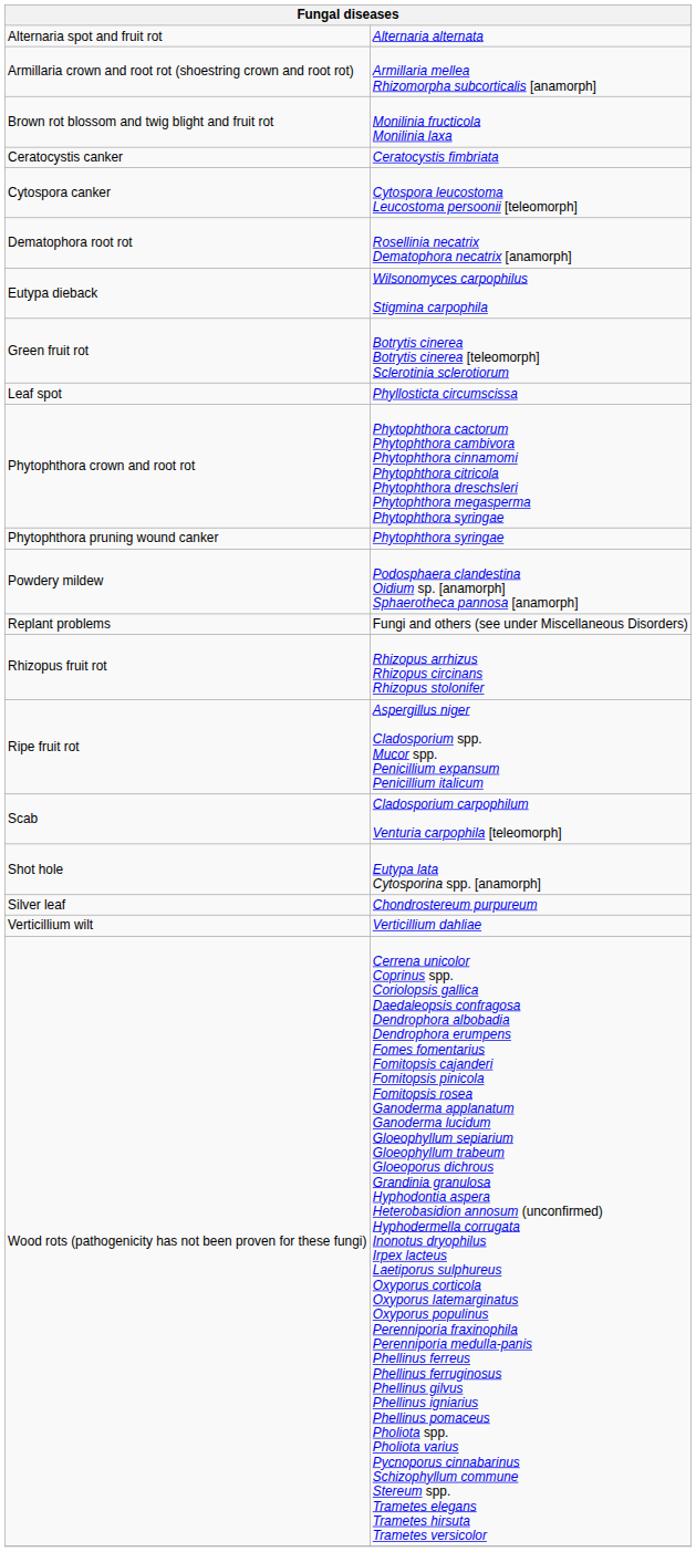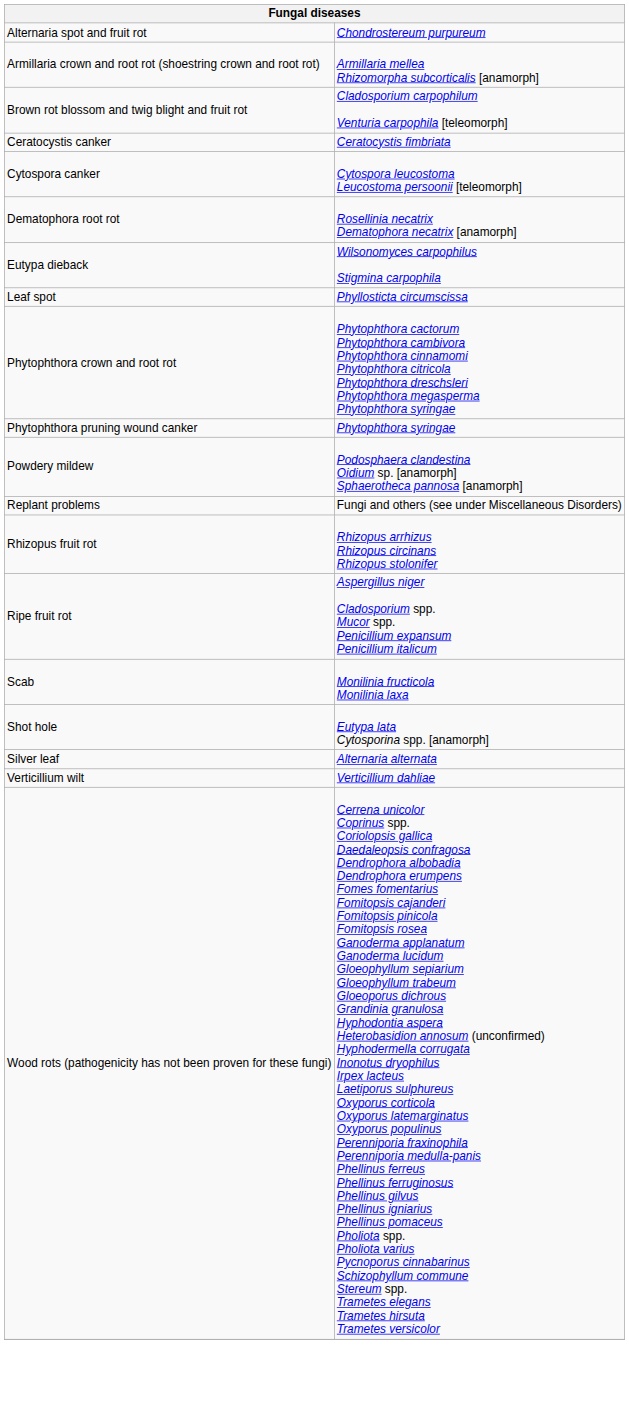 <table class="wikitable" style="clear">
 <tr>
 <th colspan=2><strong>Fungal diseases</strong><br></th>
 </tr>
 <tr>
 <td>Alternaria spot and fruit rot</td>
-<td><em><a href='#'>Alternaria alternata</a></em></td>
+<td><em><a href='#'>Chondrostereum purpureum</a></em></td>
 </tr>
 <tr>
 <td>Armillaria crown and root rot (shoestring crown and root rot)</td>
 <td><br><em><a href='#'>Armillaria mellea</a></em><br> <em><a href='#'>Rhizomorpha subcorticalis</a></em> [anamorph]</td>
 </tr>
 <tr>
 <td>Brown rot blossom and twig blight and fruit rot</td>
-<td><br><em><a href='#'>Monilinia fructicola</a></em> <br> <em><a href='#'>Monilinia laxa</a></em></td>
+<td><em><a href='#'>Cladosporium carpophilum</a></em><br><br><em><a href='#'>Venturia carpophila</a></em> [teleomorph]</td>
 </tr>
 <tr>
 <td>Ceratocystis canker</td>
 <td><em><a href='#'>Ceratocystis fimbriata</a></em></td>
 </tr>
 <tr>
 <td>Cytospora canker</td>
 <td><br><em><a href='#'>Cytospora leucostoma</a></em> <br> <em><a href='#'>Leucostoma persoonii</a></em> [teleomorph]</td>
 </tr>
 <tr>
 <td>Dematophora root rot</td>
 <td><br><em><a href='#'>Rosellinia necatrix</a></em><br> <em><a href='#'>Dematophora necatrix</a></em> [anamorph]</td>
 </tr>
 <tr>
 <td>Eutypa dieback</td>
 <td><em><a href='#'>Wilsonomyces carpophilus</a></em> <br><br> <em><a href='#'>Stigmina carpophila</a></em></td>
-</tr>
-<tr>
-<td>Green fruit rot</td>
-<td><br><em><a href='#'>Botrytis cinerea</a></em><br> <em><a href='#'>Botrytis cinerea</a></em> [teleomorph] <br> <em><a href='#'>Sclerotinia sclerotiorum</a></em></td>
 </tr>
 <tr>
 <td>Leaf spot</td>
 <td><em><a href='#'>Phyllosticta circumscissa</a></em></td>
 </tr>
 <tr>
 <td>Phytophthora crown and root rot</td>
 <td><br><em><a href='#'>Phytophthora cactorum</a></em><br> <em><a href='#'>Phytophthora cambivora</a></em><br> <em><a href='#'>Phytophthora cinnamomi</a></em><br> <em><a href='#'>Phytophthora citricola</a></em><br> <em><a href='#'>Phytophthora dreschsleri</a></em><br> <em><a href='#'>Phytophthora megasperma</a></em><br> <em><a href='#'>Phytophthora syringae</a></em></td>
 </tr>
 <tr>
 <td>Phytophthora pruning wound canker</td>
 <td><em><a href='#'>Phytophthora syringae</a></em></td>
 </tr>
 <tr>
 <td>Powdery mildew</td>
 <td><br><em><a href='#'>Podosphaera clandestina</a></em><br> <em><a href='#'>Oidium</a></em> sp. [anamorph] <br> <em><a href='#'>Sphaerotheca pannosa</a></em> [anamorph]</td>
 </tr>
 <tr>
 <td>Replant problems</td>
 <td>Fungi and others (see under Miscellaneous Disorders)</td>
 </tr>
 <tr>
 <td>Rhizopus fruit rot</td>
 <td><br><em><a href='#'>Rhizopus arrhizus</a></em><br> <em><a href='#'>Rhizopus circinans</a></em><br> <em><a href='#'>Rhizopus stolonifer</a></em></td>
 </tr>
 <tr>
 <td>Ripe fruit rot</td>
 <td><em><a href='#'>Aspergillus niger</a></em><br><br><em><a href='#'>Cladosporium</a></em> spp. <br> <em><a href='#'>Mucor</a></em> spp. <br> <em><a href='#'>Penicillium expansum</a></em><br> <em><a href='#'>Penicillium italicum</a></em></td>
 </tr>
 <tr>
 <td>Scab</td>
-<td><em><a href='#'>Cladosporium carpophilum</a></em><br><br><em><a href='#'>Venturia carpophila</a></em> [teleomorph]</td>
+<td><br><em><a href='#'>Monilinia fructicola</a></em> <br> <em><a href='#'>Monilinia laxa</a></em></td>
 </tr>
 <tr>
 <td>Shot hole</td>
 <td><br><em><a href='#'>Eutypa lata</a></em><br> <em>Cytosporina</em> spp. [anamorph]</td>
 </tr>
 <tr>
 <td>Silver leaf</td>
-<td><em><a href='#'>Chondrostereum purpureum</a></em></td>
+<td><em><a href='#'>Alternaria alternata</a></em></td>
 </tr>
 <tr>
 <td>Verticillium wilt</td>
 <td><em><a href='#'>Verticillium dahliae</a></em></td>
 </tr>
 <tr>
 <td>Wood rots (pathogenicity has not been proven for these fungi)</td>
 <td><br><em><a href='#'>Cerrena unicolor</a></em><br> <em><a href='#'>Coprinus</a></em> spp. <br> <em><a href='#'>Coriolopsis gallica</a></em><br> <em><a href='#'>Daedaleopsis confragosa</a></em><br> <em><a href='#'>Dendrophora albobadia</a></em><br> <em><a href='#'>Dendrophora erumpens</a></em><br>  <em><a href='#'>Fomes fomentarius</a></em><br> <em><a href='#'>Fomitopsis cajanderi</a></em><br> <em><a href='#'>Fomitopsis pinicola</a></em><br> <em><a href='#'>Fomitopsis rosea</a></em><br> <em><a href='#'>Ganoderma applanatum</a></em><br> <em><a href='#'>Ganoderma lucidum</a></em><br> <em><a href='#'>Gloeophyllum sepiarium</a></em><br> <em><a href='#'>Gloeophyllum trabeum</a></em><br>  <em><a href='#'>Gloeoporus dichrous</a></em><br> <em><a href='#'>Grandinia granulosa</a></em> <br>  <em><a href='#'>Hyphodontia aspera</a></em><br> <em><a href='#'>Heterobasidion annosum</a></em> (unconfirmed) <br> <em><a href='#'>Hyphodermella corrugata</a></em><br> <em><a href='#'>Inonotus dryophilus</a></em><br> <em><a href='#'>Irpex lacteus</a></em><br>  <em><a href='#'>Laetiporus sulphureus</a></em><br> <em><a href='#'>Oxyporus corticola</a></em><br> <em><a href='#'>Oxyporus latemarginatus</a></em><br> <em><a href='#'>Oxyporus populinus</a></em><br> <em><a href='#'>Perenniporia fraxinophila</a></em><br> <em><a href='#'>Perenniporia medulla-panis</a></em><br> <em><a href='#'>Phellinus ferreus</a></em><br> <em><a href='#'>Phellinus ferruginosus</a></em><br> <em><a href='#'>Phellinus gilvus</a></em><br> <em><a href='#'>Phellinus igniarius</a></em><br> <em><a href='#'>Phellinus pomaceus</a></em><br> <em><a href='#'>Pholiota</a></em> spp.<br>  <em><a href='#'>Pholiota varius</a></em><br>  <em><a href='#'>Pycnoporus cinnabarinus</a></em><br> <em><a href='#'>Schizophyllum commune</a></em><br> <em><a href='#'>Stereum</a></em> spp. <br> <em><a href='#'>Trametes elegans</a></em><br> <em><a href='#'>Trametes hirsuta</a></em><br> <em><a href='#'>Trametes versicolor</a></em></td>
 </tr>
 <tr>
 </tr>
 </table>
